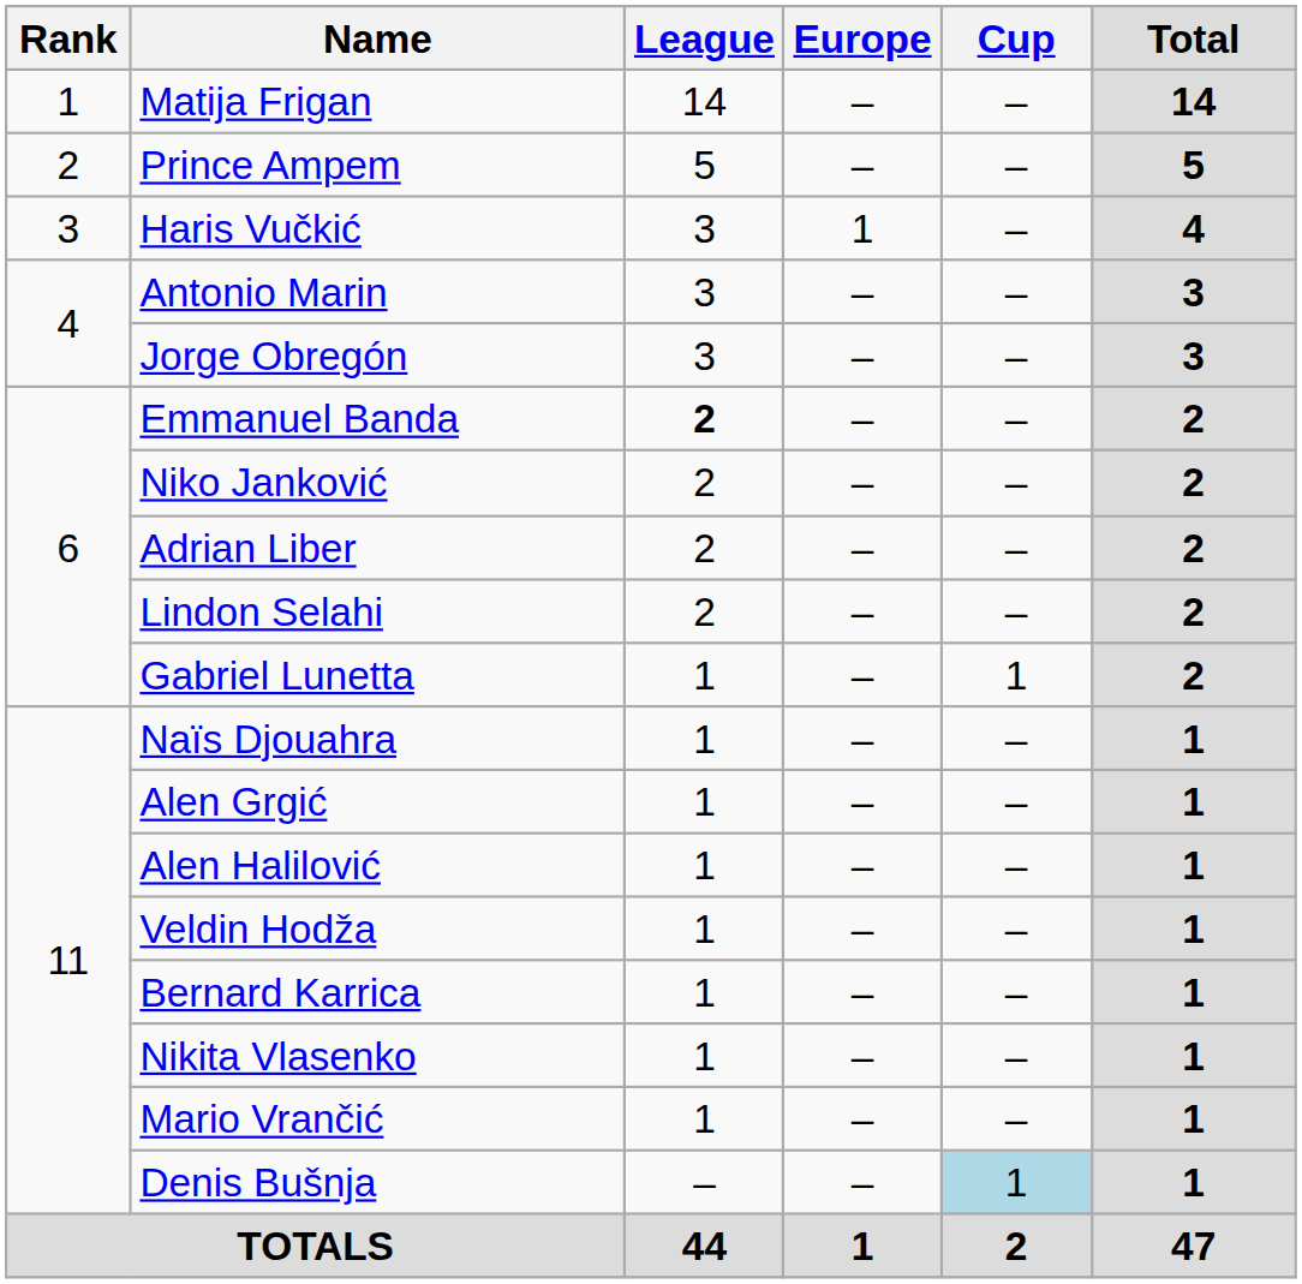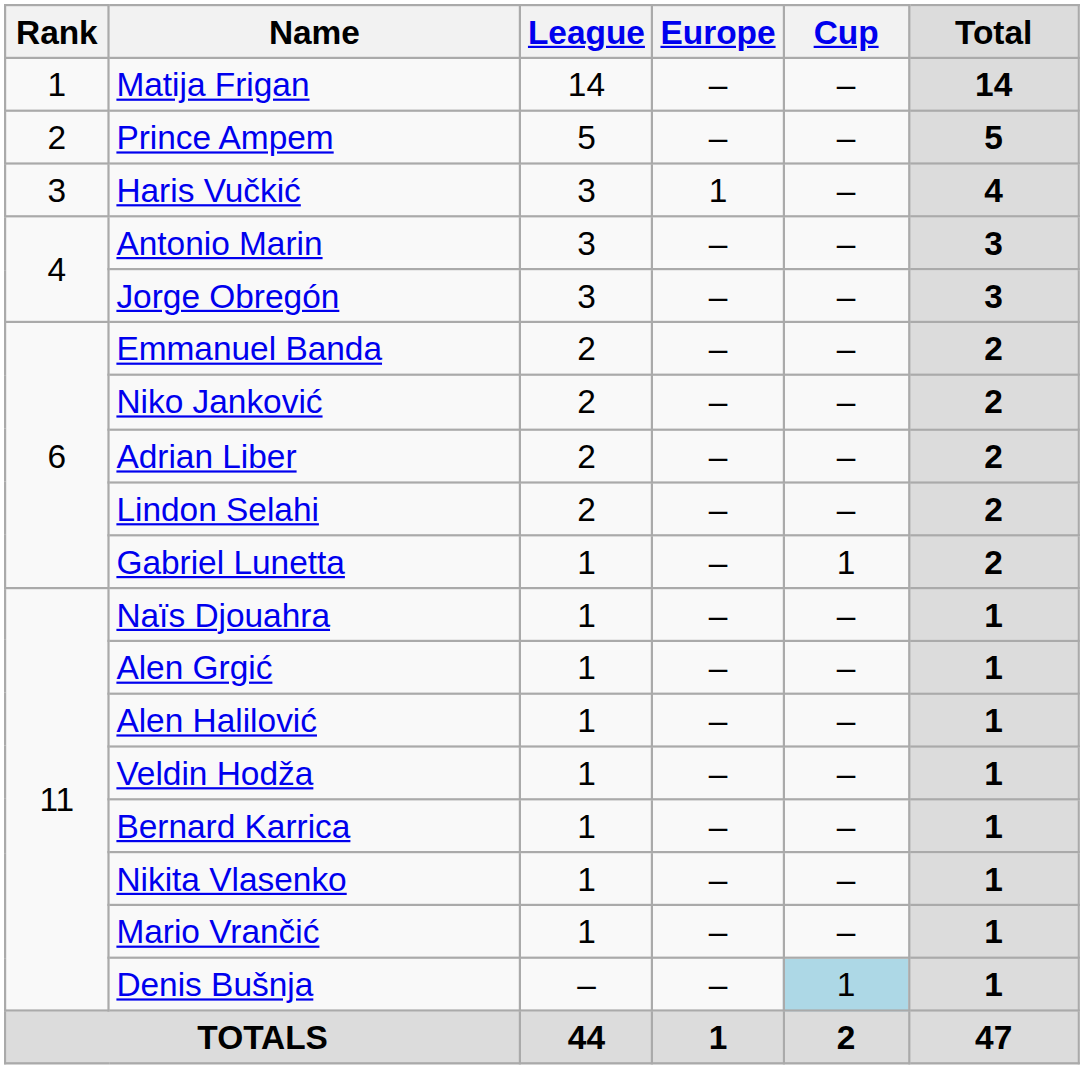 <table class="wikitable" style="font-size: 95%; text-align: center;">
 <tr>
 <th width=40>Rank</th>
 <th width=180>Name</th>
 <th width=50><a href='#'>League</a></th>
 <th width=50><a href='#'>Europe</a></th>
 <th width=50><a href='#'>Cup</a></th>
 <th width=70 style="background: #DCDCDC">Total</th>
 </tr>
 <tr>
 <td>1</td>
 <td style="text-align:left;"> <a href='#'>Matija Frigan</a></td>
 <td>14</td>
 <td>–</td>
 <td>–</td>
 <th style="background: #DCDCDC">14</th>
 </tr>
 <tr>
 <td>2</td>
 <td style="text-align:left;"> <a href='#'>Prince Ampem</a></td>
 <td>5</td>
 <td>–</td>
 <td>–</td>
 <th style="background: #DCDCDC">5</th>
 </tr>
 <tr>
 <td>3</td>
 <td style="text-align:left;"> <a href='#'>Haris Vučkić</a></td>
 <td>3</td>
 <td>1</td>
 <td>–</td>
 <th style="background: #DCDCDC">4</th>
 </tr>
 <tr>
 <td rowspan=2>4</td>
 <td style="text-align:left;"> <a href='#'>Antonio Marin</a></td>
 <td>3</td>
 <td>–</td>
 <td>–</td>
 <th style="background: #DCDCDC">3</th>
 </tr>
 <tr>
 <td style="text-align:left;"> <a href='#'>Jorge Obregón</a></td>
 <td>3</td>
 <td>–</td>
 <td>–</td>
 <th style="background: #DCDCDC">3</th>
 </tr>
 <tr>
 <td rowspan=5>6</td>
 <td style="text-align:left;"> <a href='#'>Emmanuel Banda</a></td>
-<td><strong>2</strong></td>
+<td>2</td>
 <td>–</td>
 <td>–</td>
 <th style="background: #DCDCDC">2</th>
 </tr>
 <tr>
 <td style="text-align:left;"> <a href='#'>Niko Janković</a></td>
 <td>2</td>
 <td>–</td>
 <td>–</td>
 <th style="background: #DCDCDC">2</th>
 </tr>
 <tr>
 <td style="text-align:left;"> <a href='#'>Adrian Liber</a></td>
 <td>2</td>
 <td>–</td>
 <td>–</td>
 <th style="background: #DCDCDC">2</th>
 </tr>
 <tr>
 <td style="text-align:left;"> <a href='#'>Lindon Selahi</a></td>
 <td>2</td>
 <td>–</td>
 <td>–</td>
 <th style="background: #DCDCDC">2</th>
 </tr>
 <tr>
 <td style="text-align:left;"> <a href='#'>Gabriel Lunetta</a></td>
 <td>1</td>
 <td>–</td>
 <td>1</td>
 <th style="background: #DCDCDC">2</th>
 </tr>
 <tr>
 <td rowspan=8>11</td>
 <td style="text-align:left;"> <a href='#'>Naïs Djouahra</a></td>
 <td>1</td>
 <td>–</td>
 <td>–</td>
 <th style="background: #DCDCDC">1</th>
 </tr>
 <tr>
 <td style="text-align:left;"> <a href='#'>Alen Grgić</a></td>
 <td>1</td>
 <td>–</td>
 <td>–</td>
 <th style="background: #DCDCDC">1</th>
 </tr>
 <tr>
 <td style="text-align:left;"> <a href='#'>Alen Halilović</a></td>
 <td>1</td>
 <td>–</td>
 <td>–</td>
 <th style="background: #DCDCDC">1</th>
 </tr>
 <tr>
 <td style="text-align:left;"> <a href='#'>Veldin Hodža</a></td>
 <td>1</td>
 <td>–</td>
 <td>–</td>
 <th style="background: #DCDCDC">1</th>
 </tr>
 <tr>
 <td style="text-align:left;"> <a href='#'>Bernard Karrica</a></td>
 <td>1</td>
 <td>–</td>
 <td>–</td>
 <th style="background: #DCDCDC">1</th>
 </tr>
 <tr>
 <td style="text-align:left;"> <a href='#'>Nikita Vlasenko</a></td>
 <td>1</td>
 <td>–</td>
 <td>–</td>
 <th style="background: #DCDCDC">1</th>
 </tr>
 <tr>
 <td style="text-align:left;"> <a href='#'>Mario Vrančić</a></td>
 <td>1</td>
 <td>–</td>
 <td>–</td>
 <th style="background: #DCDCDC">1</th>
 </tr>
 <tr>
 <td style="text-align:left;"> <a href='#'>Denis Bušnja</a></td>
 <td>–</td>
 <td>–</td>
 <td style="background: lightblue;">1</td>
 <th style="background: #DCDCDC">1</th>
 </tr>
 <tr>
 <th colspan="2" align="center" style="background: #DCDCDC">TOTALS</th>
 <th style="background: #DCDCDC">44</th>
 <th style="background: #DCDCDC">1</th>
 <th style="background: #DCDCDC">2</th>
 <th style="background: #DCDCDC">47</th>
 </tr>
 </table>
